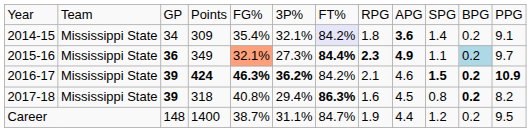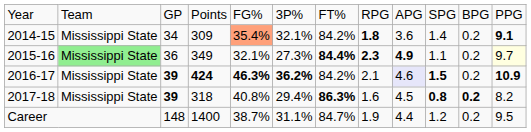 <table class="wikitable">
 <tr>
 <td>Year</td>
 <td>Team</td>
 <td>GP</td>
 <td>Points</td>
 <td>FG%</td>
 <td>3P%</td>
 <td>FT%</td>
 <td>RPG</td>
 <td>APG</td>
 <td>SPG</td>
 <td>BPG</td>
 <td>PPG</td>
 </tr>
 <tr>
 <td>2014-15</td>
 <td>Mississippi State</td>
 <td>34</td>
 <td>309</td>
-<td>35.4%</td>
+<td style="background: lightsalmon;">35.4%</td>
 <td>32.1%</td>
-<td style="background: lavender;">84.2%</td>
-<td>1.8</td>
-<td><strong>3.6</strong></td>
+<td>84.2%</td>
+<td><strong>1.8</strong></td>
+<td>3.6</td>
 <td>1.4</td>
 <td>0.2</td>
-<td>9.1</td>
+<td><strong>9.1</strong></td>
 </tr>
 <tr>
 <td>2015-16</td>
-<td>Mississippi State</td>
-<td><strong>36</strong></td>
+<td style="background: lightgreen;">Mississippi State</td>
+<td>36</td>
 <td>349</td>
-<td style="background: lightsalmon;">32.1%</td>
+<td>32.1%</td>
 <td>27.3%</td>
 <td><strong>84.4%</strong></td>
 <td><strong>2.3</strong></td>
 <td><strong>4.9</strong></td>
 <td>1.1</td>
-<td style="background: lightblue;">0.2</td>
-<td>9.7</td>
+<td>0.2</td>
+<td style="background: lightyellow;">9.7</td>
 </tr>
 <tr>
 <td>2016-17</td>
 <td>Mississippi State</td>
 <td><strong>39</strong></td>
 <td><strong>424</strong></td>
 <td><strong>46.3%</strong></td>
 <td><strong>36.2%</strong></td>
 <td>84.2%</td>
 <td>2.1</td>
-<td>4.6</td>
+<td style="background: lavender;">4.6</td>
 <td><strong>1.5</strong></td>
-<td><strong>0.2</strong></td>
+<td>0.2</td>
 <td><strong>10.9</strong></td>
 </tr>
 <tr>
 <td>2017-18</td>
 <td>Mississippi State</td>
 <td><strong>39</strong></td>
 <td>318</td>
 <td>40.8%</td>
 <td>29.4%</td>
 <td><strong>86.3%</strong></td>
 <td>1.6</td>
 <td>4.5</td>
-<td>0.8</td>
+<td><strong>0.8</strong></td>
 <td><strong>0.2</strong></td>
 <td>8.2</td>
 </tr>
 <tr>
 <td colspan="2">Career</td>
 <td>148</td>
 <td>1400</td>
 <td>38.7%</td>
 <td>31.1%</td>
 <td>84.7%</td>
 <td>1.9</td>
 <td>4.4</td>
 <td>1.2</td>
 <td>0.2</td>
 <td>9.5</td>
 </tr>
 </table>
